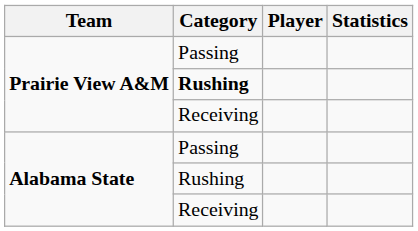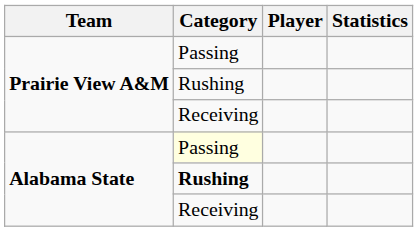 <table class="wikitable" style="float: left;">
 <tr>
 <th>Team</th>
 <th>Category</th>
 <th>Player</th>
 <th>Statistics</th>
 </tr>
 <tr>
 <td rowspan=3><strong>Prairie View A&M</strong></td>
 <td>Passing</td>
 <td> </td>
 <td> </td>
 </tr>
 <tr>
-<td><strong>Rushing</strong></td>
+<td>Rushing</td>
 <td> </td>
 <td> </td>
 </tr>
 <tr>
 <td>Receiving</td>
 <td> </td>
 <td> </td>
 </tr>
 <tr>
 <td rowspan=3><strong>Alabama State</strong></td>
-<td>Passing</td>
+<td style="background: lightyellow;">Passing</td>
 <td> </td>
 <td> </td>
 </tr>
 <tr>
-<td>Rushing</td>
+<td><strong>Rushing</strong></td>
 <td> </td>
 <td> </td>
 </tr>
 <tr>
 <td>Receiving</td>
 <td> </td>
 <td> </td>
 </tr>
 </table>
